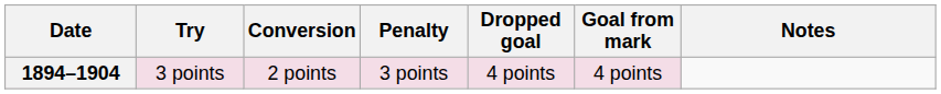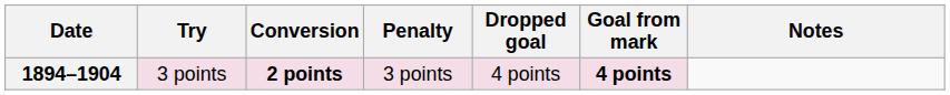 <table class="wikitable">
 <tr>
 <th scope="col" width="100px">Date</th>
 <th scope="col" width="80px">Try</th>
 <th scope="col" width="80px">Conversion</th>
 <th scope="col" width="80px">Penalty</th>
 <th scope="col" width="80px">Dropped goal</th>
 <th scope="col" width="80px">Goal from mark</th>
 <th scope="col" width="200px">Notes<br></th>
 </tr>
 <tr style="text-align:center;background:#F4DDE7;">
 <th>1894–1904</th>
 <td>3 points</td>
-<td>2 points</td>
+<td><strong>2 points</strong></td>
 <td>3 points</td>
 <td>4 points</td>
-<td>4 points<br></td>
+<td><strong>4 points<br></strong></td>
 </tr>
 </table>
